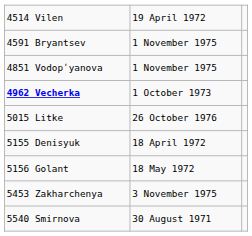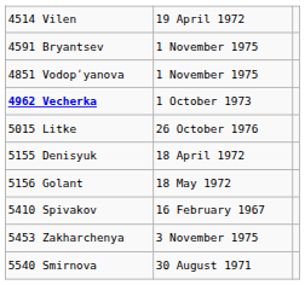 <table class="wikitable" style="font-size: 89%; float: left; width: 26em; margin-right: 1em; height: 280px;">
 <tr>
 <td>4514 Vilen</td>
 <td>19 April 1972</td>
 <td></td>
 </tr>
 <tr>
 <td>4591 Bryantsev</td>
 <td>1 November 1975</td>
 <td></td>
 </tr>
 <tr>
 <td>4851 Vodopʹyanova</td>
 <td>1 November 1975</td>
 <td></td>
 </tr>
 <tr>
 <td><strong><a href='#'>4962 Vecherka</a></strong></td>
 <td>1 October 1973</td>
 <td></td>
 </tr>
 <tr>
 <td>5015 Litke</td>
 <td>26 October 1976</td>
 <td></td>
 </tr>
 <tr>
 <td>5155 Denisyuk</td>
 <td>18 April 1972</td>
 <td></td>
 </tr>
 <tr>
 <td>5156 Golant</td>
 <td>18 May 1972</td>
 <td></td>
 </tr>
 <tr>
+<td>5410 Spivakov</td>
+<td>16 February 1967</td>
+<td></td>
+</tr>
+<tr>
 <td>5453 Zakharchenya</td>
 <td>3 November 1975</td>
 <td></td>
 </tr>
 <tr>
 <td>5540 Smirnova</td>
 <td>30 August 1971</td>
 <td></td>
 </tr>
 </table>
